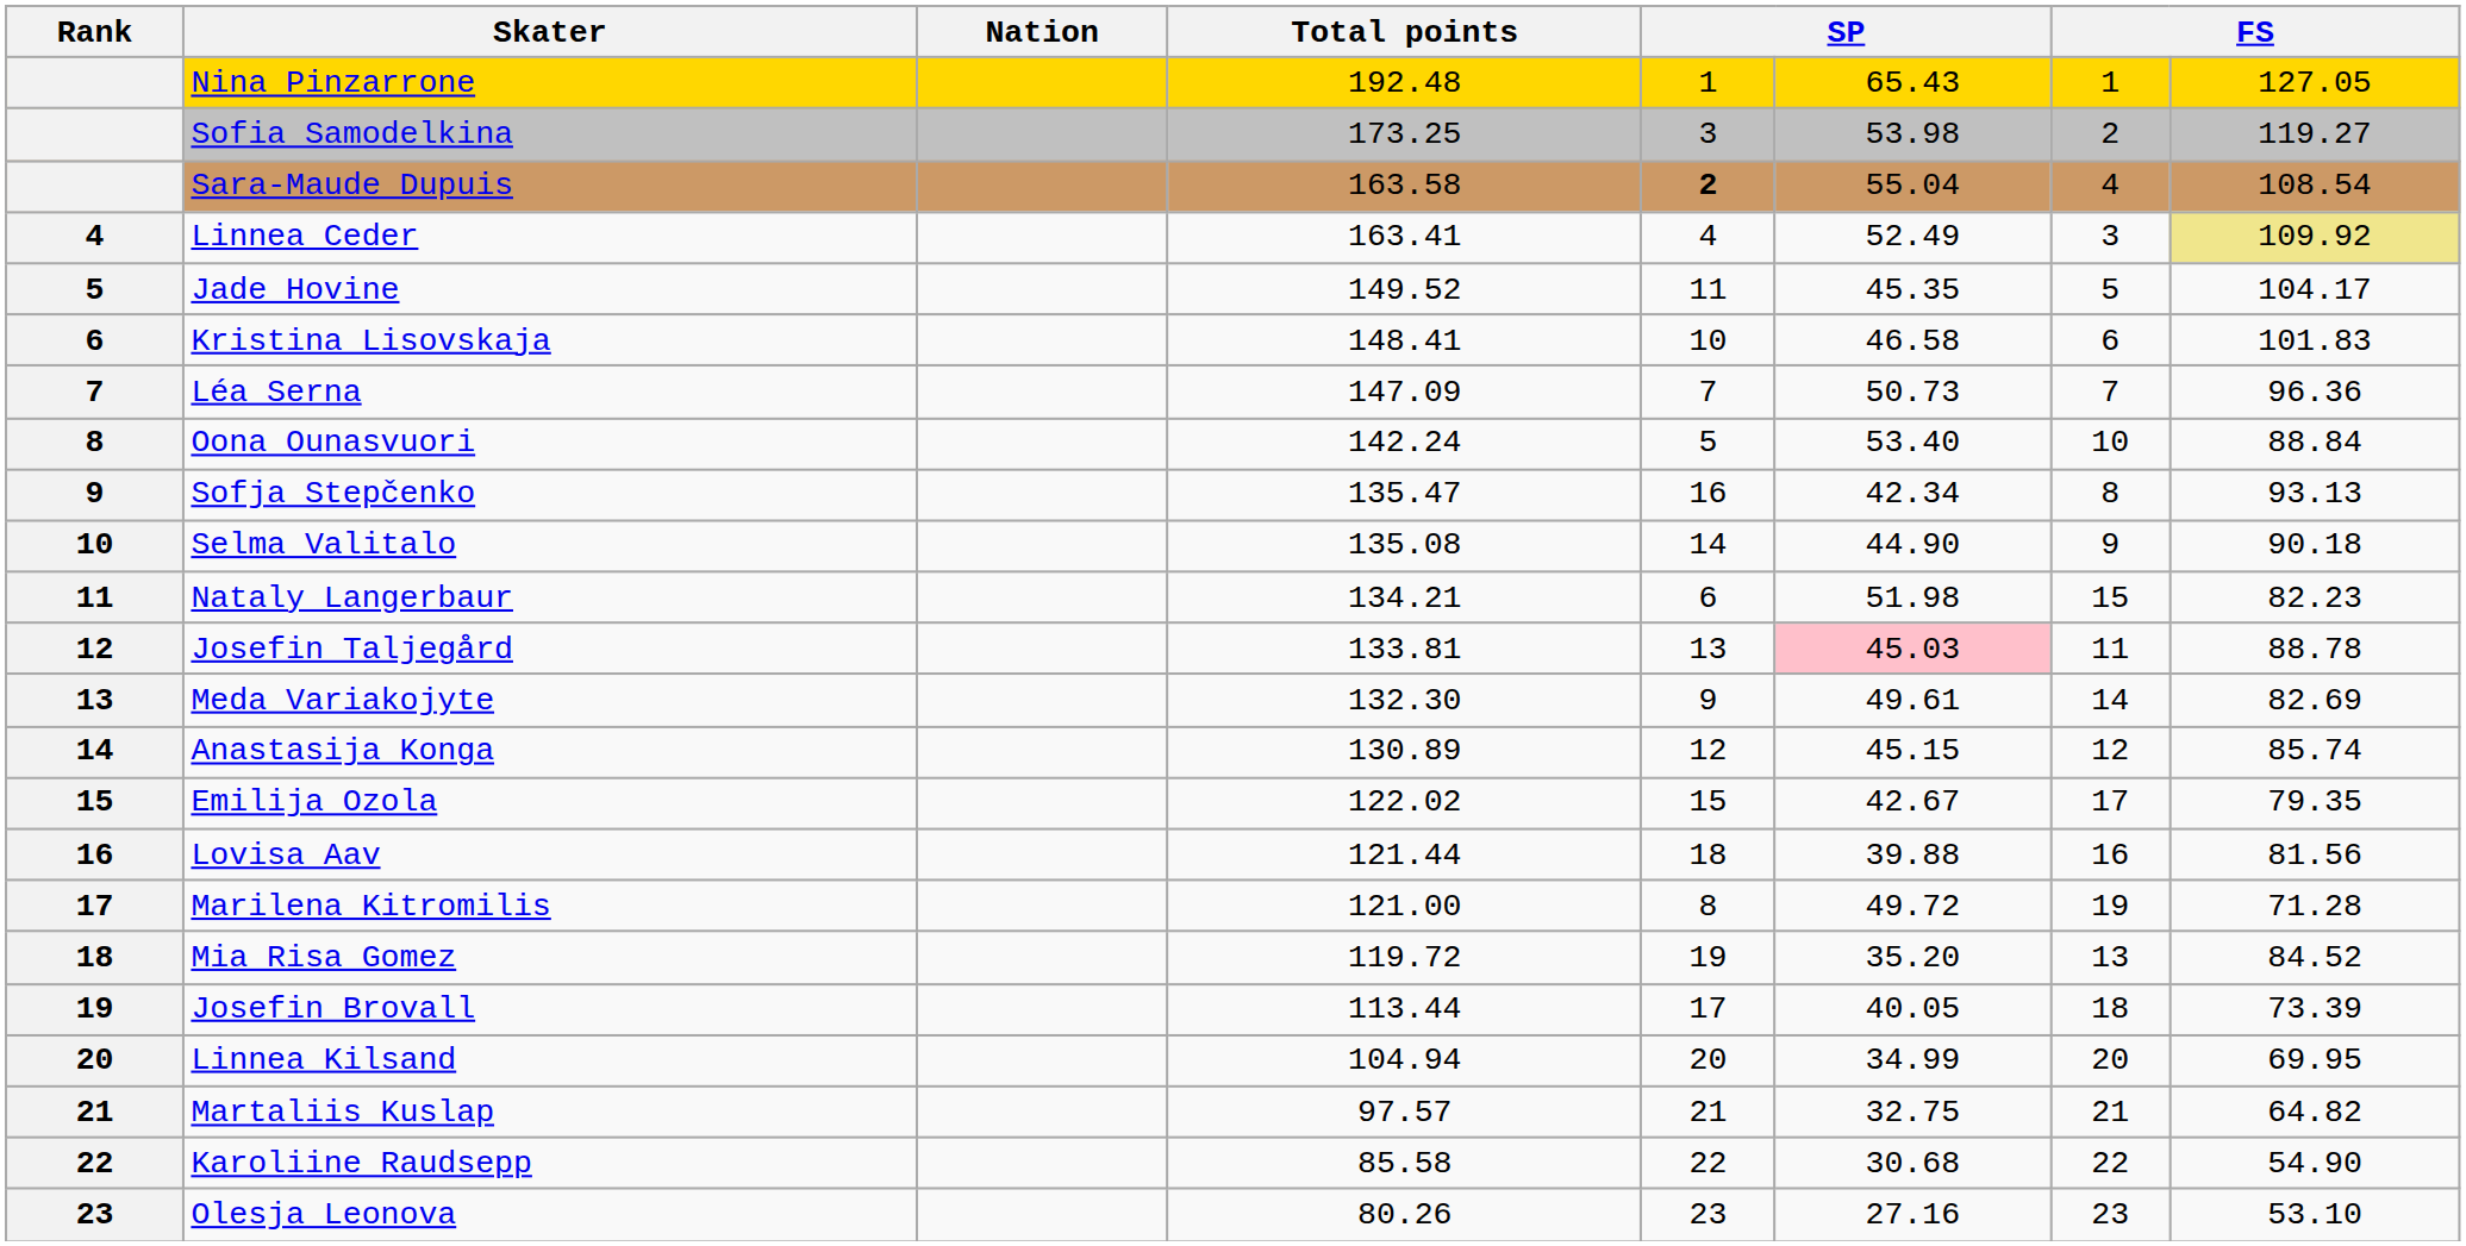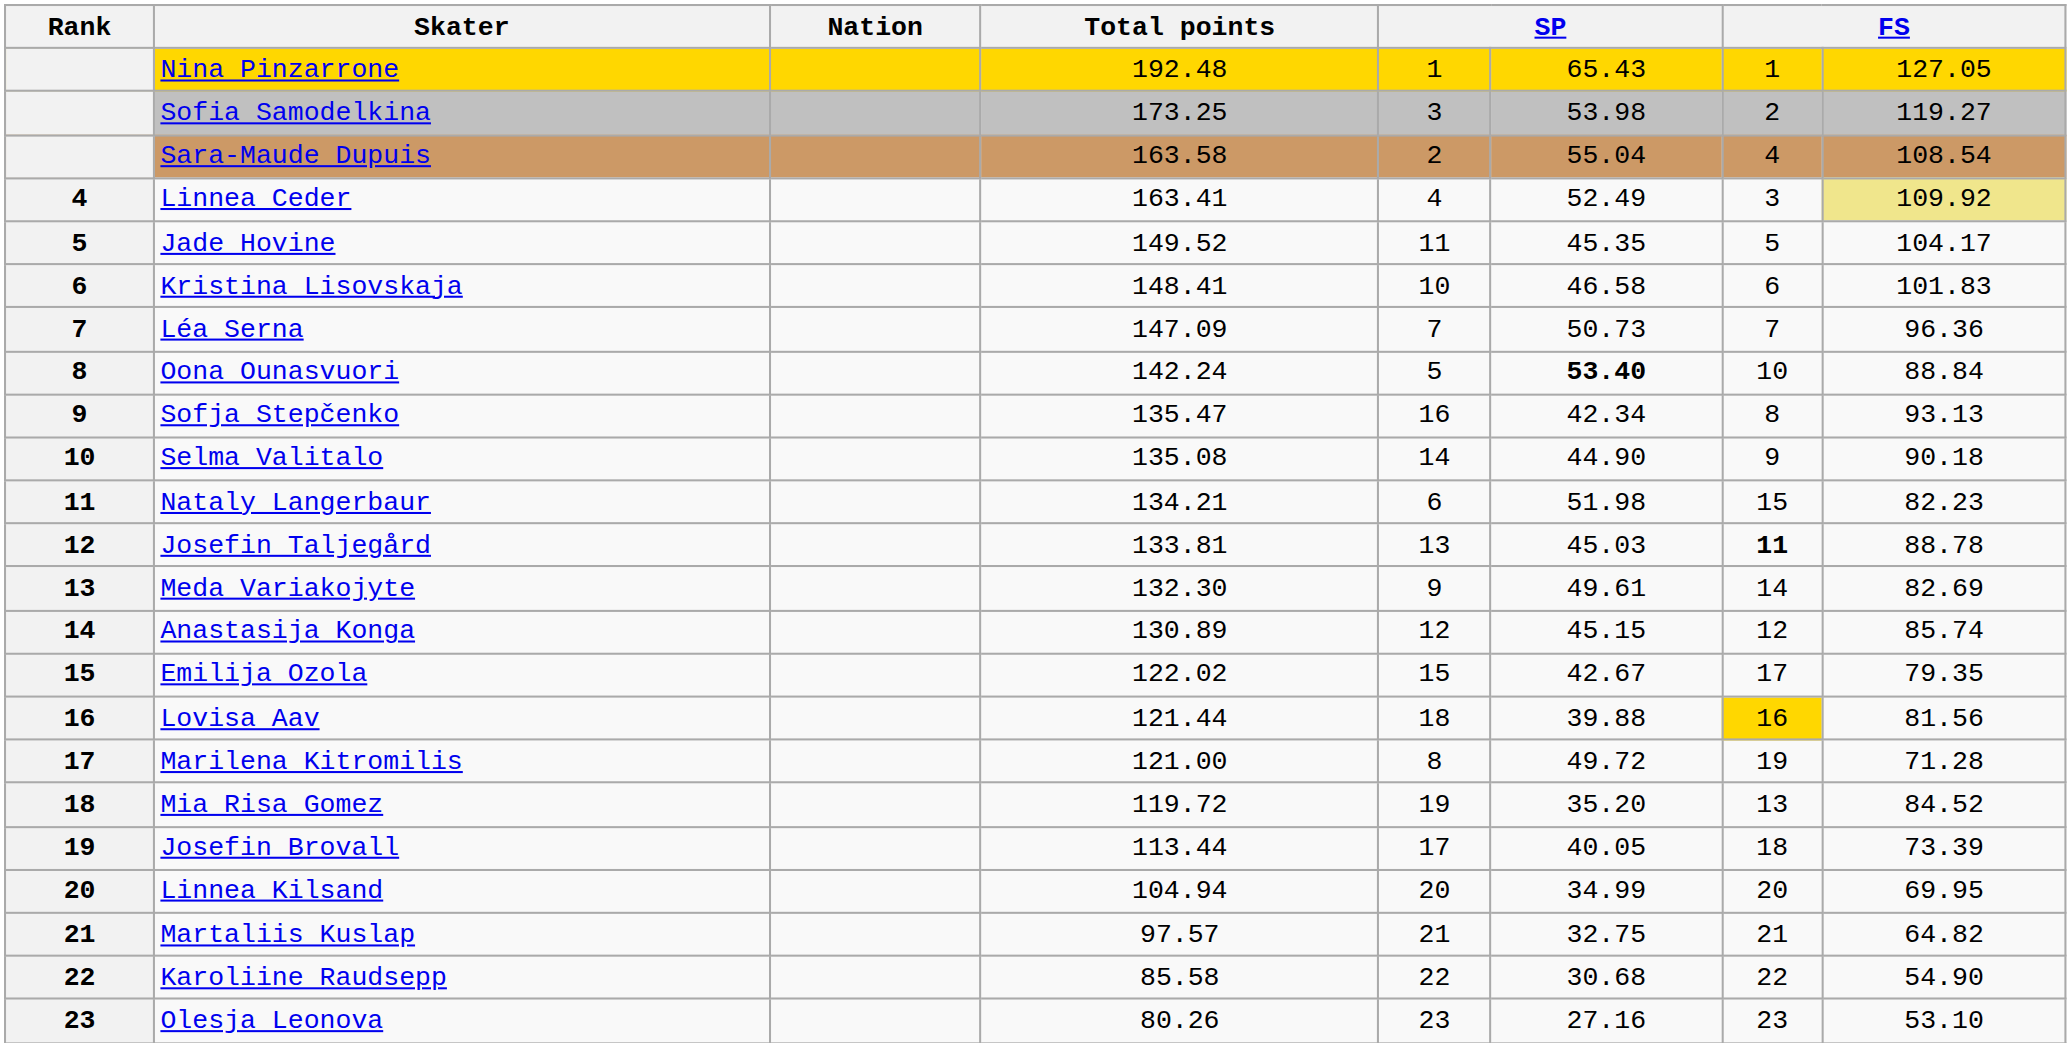 <table class="wikitable sortable" style="text-align:center;" width="80%">
 <tr>
 <th scope="col">Rank</th>
 <th scope="col">Skater</th>
 <th scope="col">Nation</th>
 <th scope="col">Total points</th>
 <th scope="col" colspan="2" width="80px"><a href='#'>SP</a></th>
 <th scope="col" colspan="2" width="80px"><a href='#'>FS</a></th>
 </tr>
 <tr bgcolor="gold">
 <th scope="row"></th>
 <td align="left"><a href='#'>Nina Pinzarrone</a></td>
 <td align="left"></td>
 <td>192.48</td>
 <td>1</td>
 <td>65.43</td>
 <td>1</td>
 <td>127.05</td>
 </tr>
 <tr bgcolor="silver">
 <th scope="row"></th>
 <td align="left"><a href='#'>Sofia Samodelkina</a></td>
 <td align="left"></td>
 <td>173.25</td>
 <td>3</td>
 <td>53.98</td>
 <td>2</td>
 <td>119.27</td>
 </tr>
 <tr bgcolor="cc9966">
 <th scope="row"></th>
 <td align="left"><a href='#'>Sara-Maude Dupuis</a></td>
 <td align="left"></td>
 <td>163.58</td>
-<td><strong>2</strong></td>
+<td>2</td>
 <td>55.04</td>
 <td>4</td>
 <td>108.54</td>
 </tr>
 <tr>
 <th scope="row">4</th>
 <td align="left"><a href='#'>Linnea Ceder</a></td>
 <td align="left"></td>
 <td>163.41</td>
 <td>4</td>
 <td>52.49</td>
 <td>3</td>
 <td style="background: khaki;">109.92</td>
 </tr>
 <tr>
 <th scope="row">5</th>
 <td align="left"><a href='#'>Jade Hovine</a></td>
 <td align="left"></td>
 <td>149.52</td>
 <td>11</td>
 <td>45.35</td>
 <td>5</td>
 <td>104.17</td>
 </tr>
 <tr>
 <th scope="row">6</th>
 <td align="left"><a href='#'>Kristina Lisovskaja</a></td>
 <td align="left"></td>
 <td>148.41</td>
 <td>10</td>
 <td>46.58</td>
 <td>6</td>
 <td>101.83</td>
 </tr>
 <tr>
 <th scope="row">7</th>
 <td align="left"><a href='#'>Léa Serna</a></td>
 <td align="left"></td>
 <td>147.09</td>
 <td>7</td>
 <td>50.73</td>
 <td>7</td>
 <td>96.36</td>
 </tr>
 <tr>
 <th scope="row">8</th>
 <td align="left"><a href='#'>Oona Ounasvuori</a></td>
 <td align="left"></td>
 <td>142.24</td>
 <td>5</td>
-<td>53.40</td>
+<td><strong>53.40</strong></td>
 <td>10</td>
 <td>88.84</td>
 </tr>
 <tr>
 <th scope="row">9</th>
 <td align="left"><a href='#'>Sofja Stepčenko</a></td>
 <td align="left"></td>
 <td>135.47</td>
 <td>16</td>
 <td>42.34</td>
 <td>8</td>
 <td>93.13</td>
 </tr>
 <tr>
 <th scope="row">10</th>
 <td align="left"><a href='#'>Selma Valitalo</a></td>
 <td align="left"></td>
 <td>135.08</td>
 <td>14</td>
 <td>44.90</td>
 <td>9</td>
 <td>90.18</td>
 </tr>
 <tr>
 <th scope="row">11</th>
 <td align="left"><a href='#'>Nataly Langerbaur</a></td>
 <td align="left"></td>
 <td>134.21</td>
 <td>6</td>
 <td>51.98</td>
 <td>15</td>
 <td>82.23</td>
 </tr>
 <tr>
 <th scope="row">12</th>
 <td align="left"><a href='#'>Josefin Taljegård</a></td>
 <td align="left"></td>
 <td>133.81</td>
 <td>13</td>
-<td style="background: pink;">45.03</td>
-<td>11</td>
+<td>45.03</td>
+<td><strong>11</strong></td>
 <td>88.78</td>
 </tr>
 <tr>
 <th scope="row">13</th>
 <td align="left"><a href='#'>Meda Variakojyte</a></td>
 <td align="left"></td>
 <td>132.30</td>
 <td>9</td>
 <td>49.61</td>
 <td>14</td>
 <td>82.69</td>
 </tr>
 <tr>
 <th scope="row">14</th>
 <td align="left"><a href='#'>Anastasija Konga</a></td>
 <td align="left"></td>
 <td>130.89</td>
 <td>12</td>
 <td>45.15</td>
 <td>12</td>
 <td>85.74</td>
 </tr>
 <tr>
 <th scope="row">15</th>
 <td align="left"><a href='#'>Emilija Ozola</a></td>
 <td align="left"></td>
 <td>122.02</td>
 <td>15</td>
 <td>42.67</td>
 <td>17</td>
 <td>79.35</td>
 </tr>
 <tr>
 <th scope="row">16</th>
 <td align="left"><a href='#'>Lovisa Aav</a></td>
 <td align="left"></td>
 <td>121.44</td>
 <td>18</td>
 <td>39.88</td>
-<td>16</td>
+<td style="background: gold;">16</td>
 <td>81.56</td>
 </tr>
 <tr>
 <th scope="row">17</th>
 <td align="left"><a href='#'>Marilena Kitromilis</a></td>
 <td align="left"></td>
 <td>121.00</td>
 <td>8</td>
 <td>49.72</td>
 <td>19</td>
 <td>71.28</td>
 </tr>
 <tr>
 <th scope="row">18</th>
 <td align="left"><a href='#'>Mia Risa Gomez</a></td>
 <td align="left"></td>
 <td>119.72</td>
 <td>19</td>
 <td>35.20</td>
 <td>13</td>
 <td>84.52</td>
 </tr>
 <tr>
 <th scope="row">19</th>
 <td align="left"><a href='#'>Josefin Brovall</a></td>
 <td align="left"></td>
 <td>113.44</td>
 <td>17</td>
 <td>40.05</td>
 <td>18</td>
 <td>73.39</td>
 </tr>
 <tr>
 <th scope="row">20</th>
 <td align="left"><a href='#'>Linnea Kilsand</a></td>
 <td align="left"></td>
 <td>104.94</td>
 <td>20</td>
 <td>34.99</td>
 <td>20</td>
 <td>69.95</td>
 </tr>
 <tr>
 <th scope="row">21</th>
 <td align="left"><a href='#'>Martaliis Kuslap</a></td>
 <td align="left"></td>
 <td>97.57</td>
 <td>21</td>
 <td>32.75</td>
 <td>21</td>
 <td>64.82</td>
 </tr>
 <tr>
 <th scope="row">22</th>
 <td align="left"><a href='#'>Karoliine Raudsepp</a></td>
 <td align="left"></td>
 <td>85.58</td>
 <td>22</td>
 <td>30.68</td>
 <td>22</td>
 <td>54.90</td>
 </tr>
 <tr>
 <th scope="row">23</th>
 <td align="left"><a href='#'>Olesja Leonova</a></td>
 <td align="left"></td>
 <td>80.26</td>
 <td>23</td>
 <td>27.16</td>
 <td>23</td>
 <td>53.10</td>
 </tr>
 </table>
